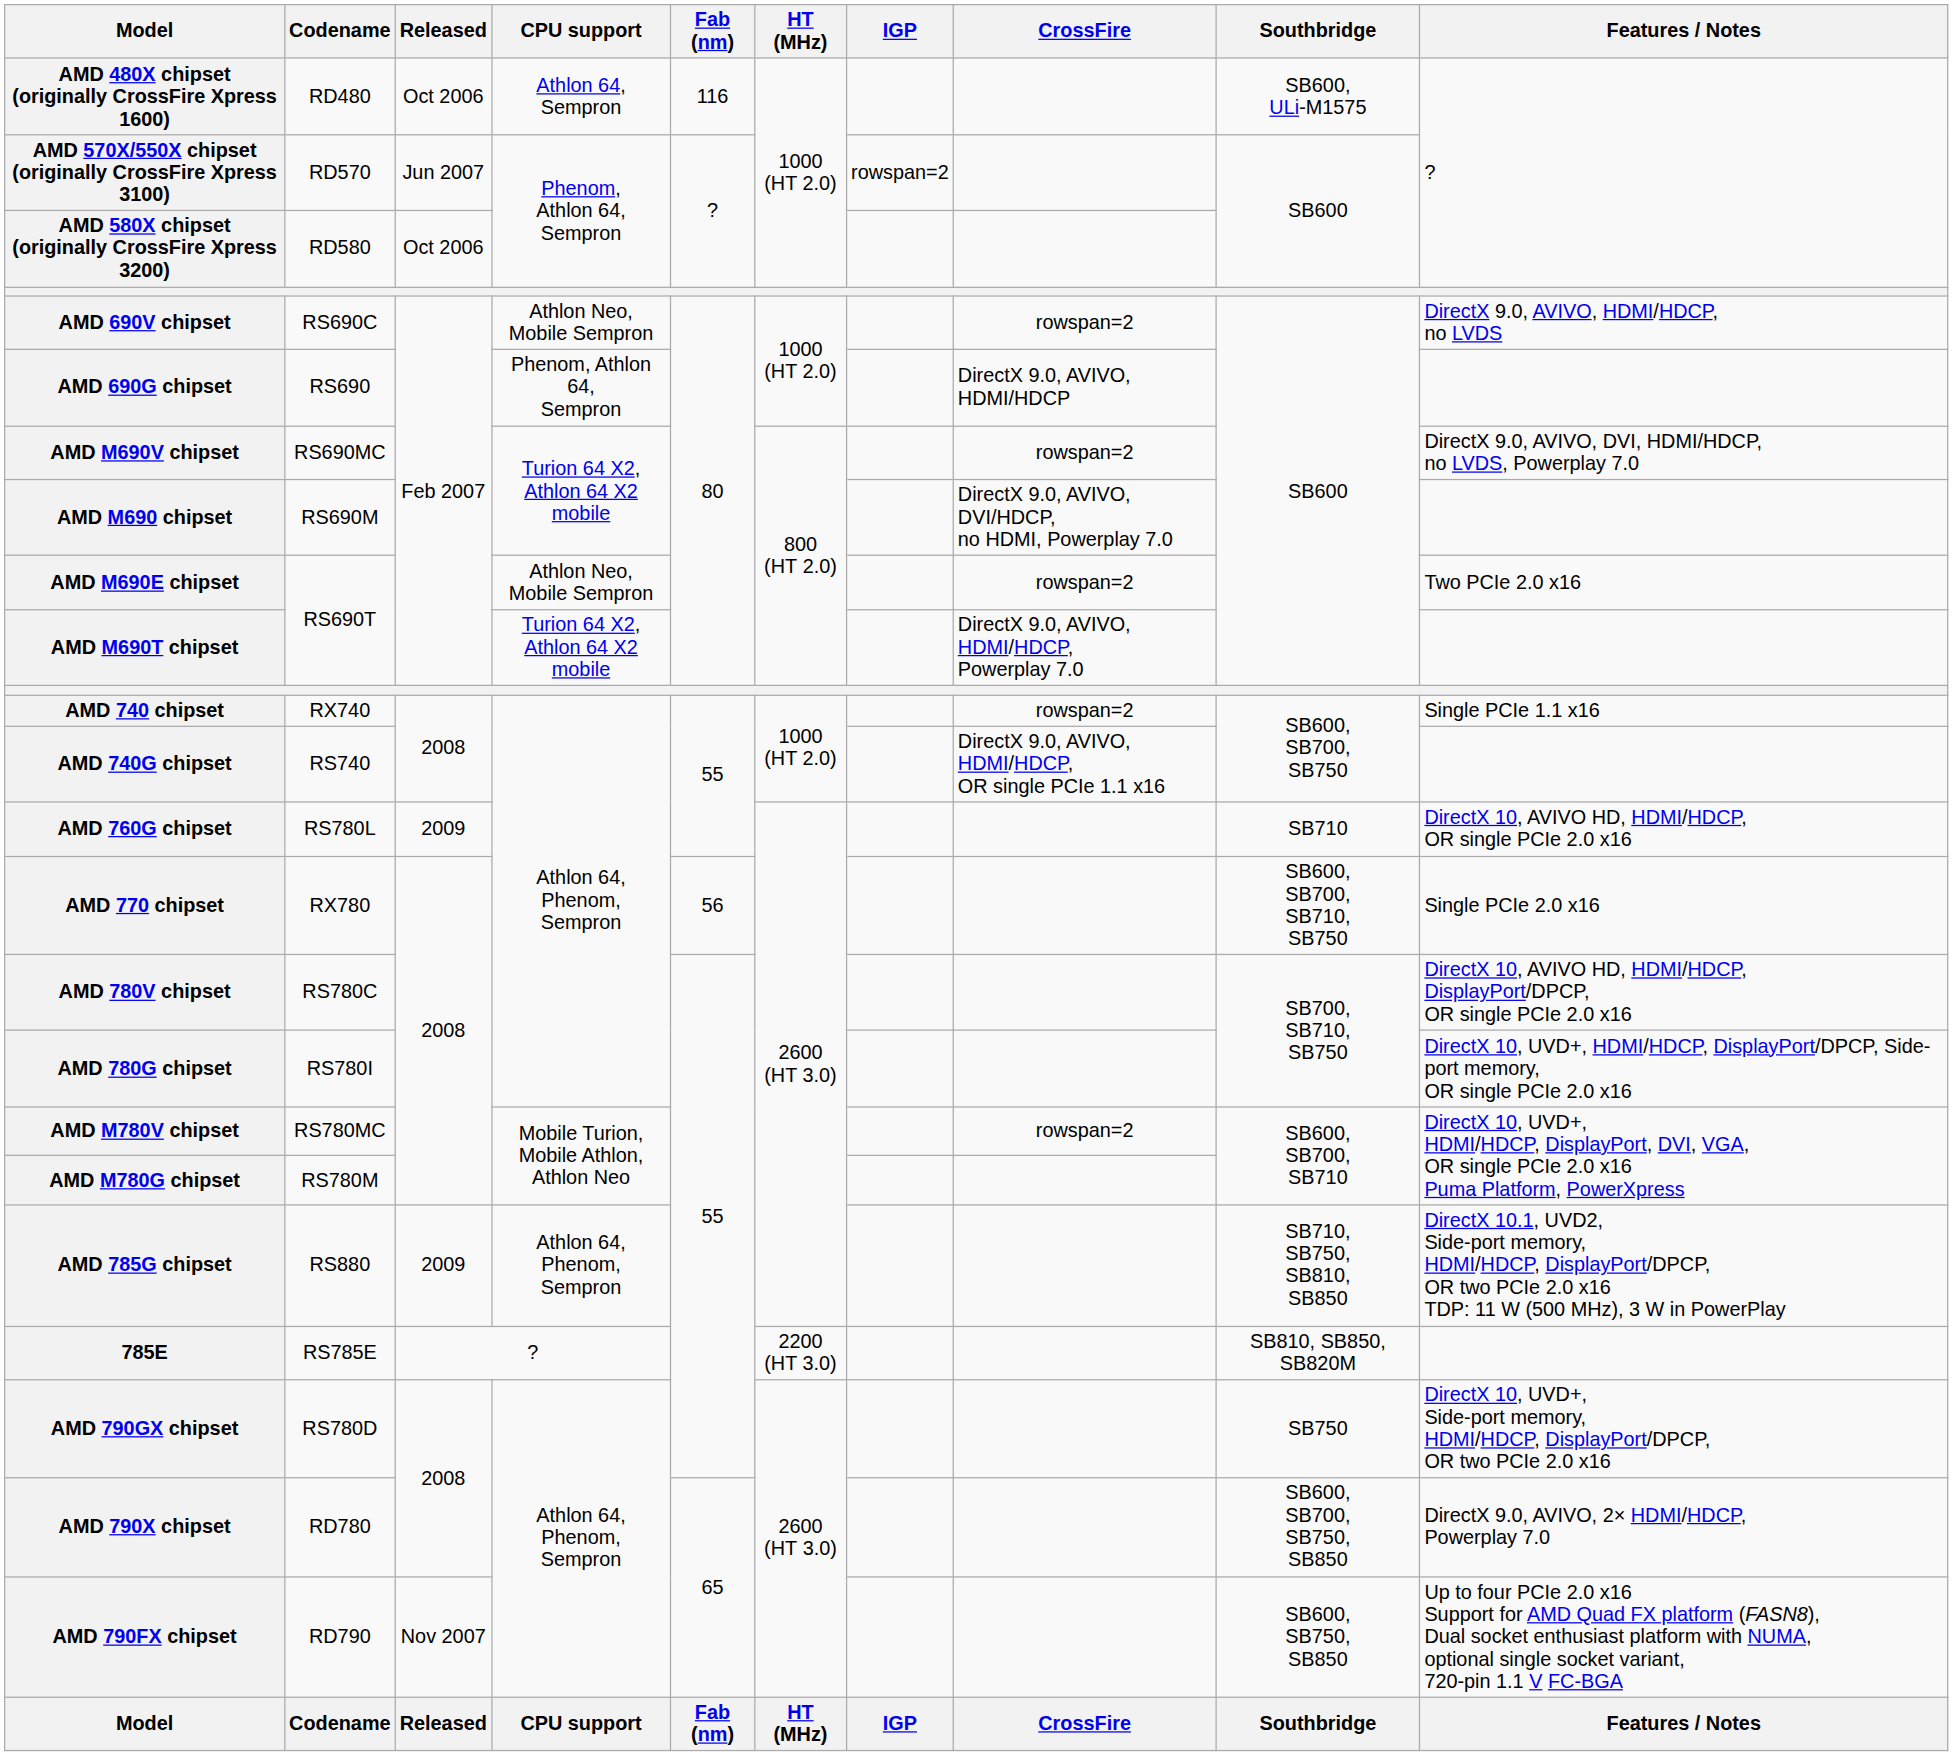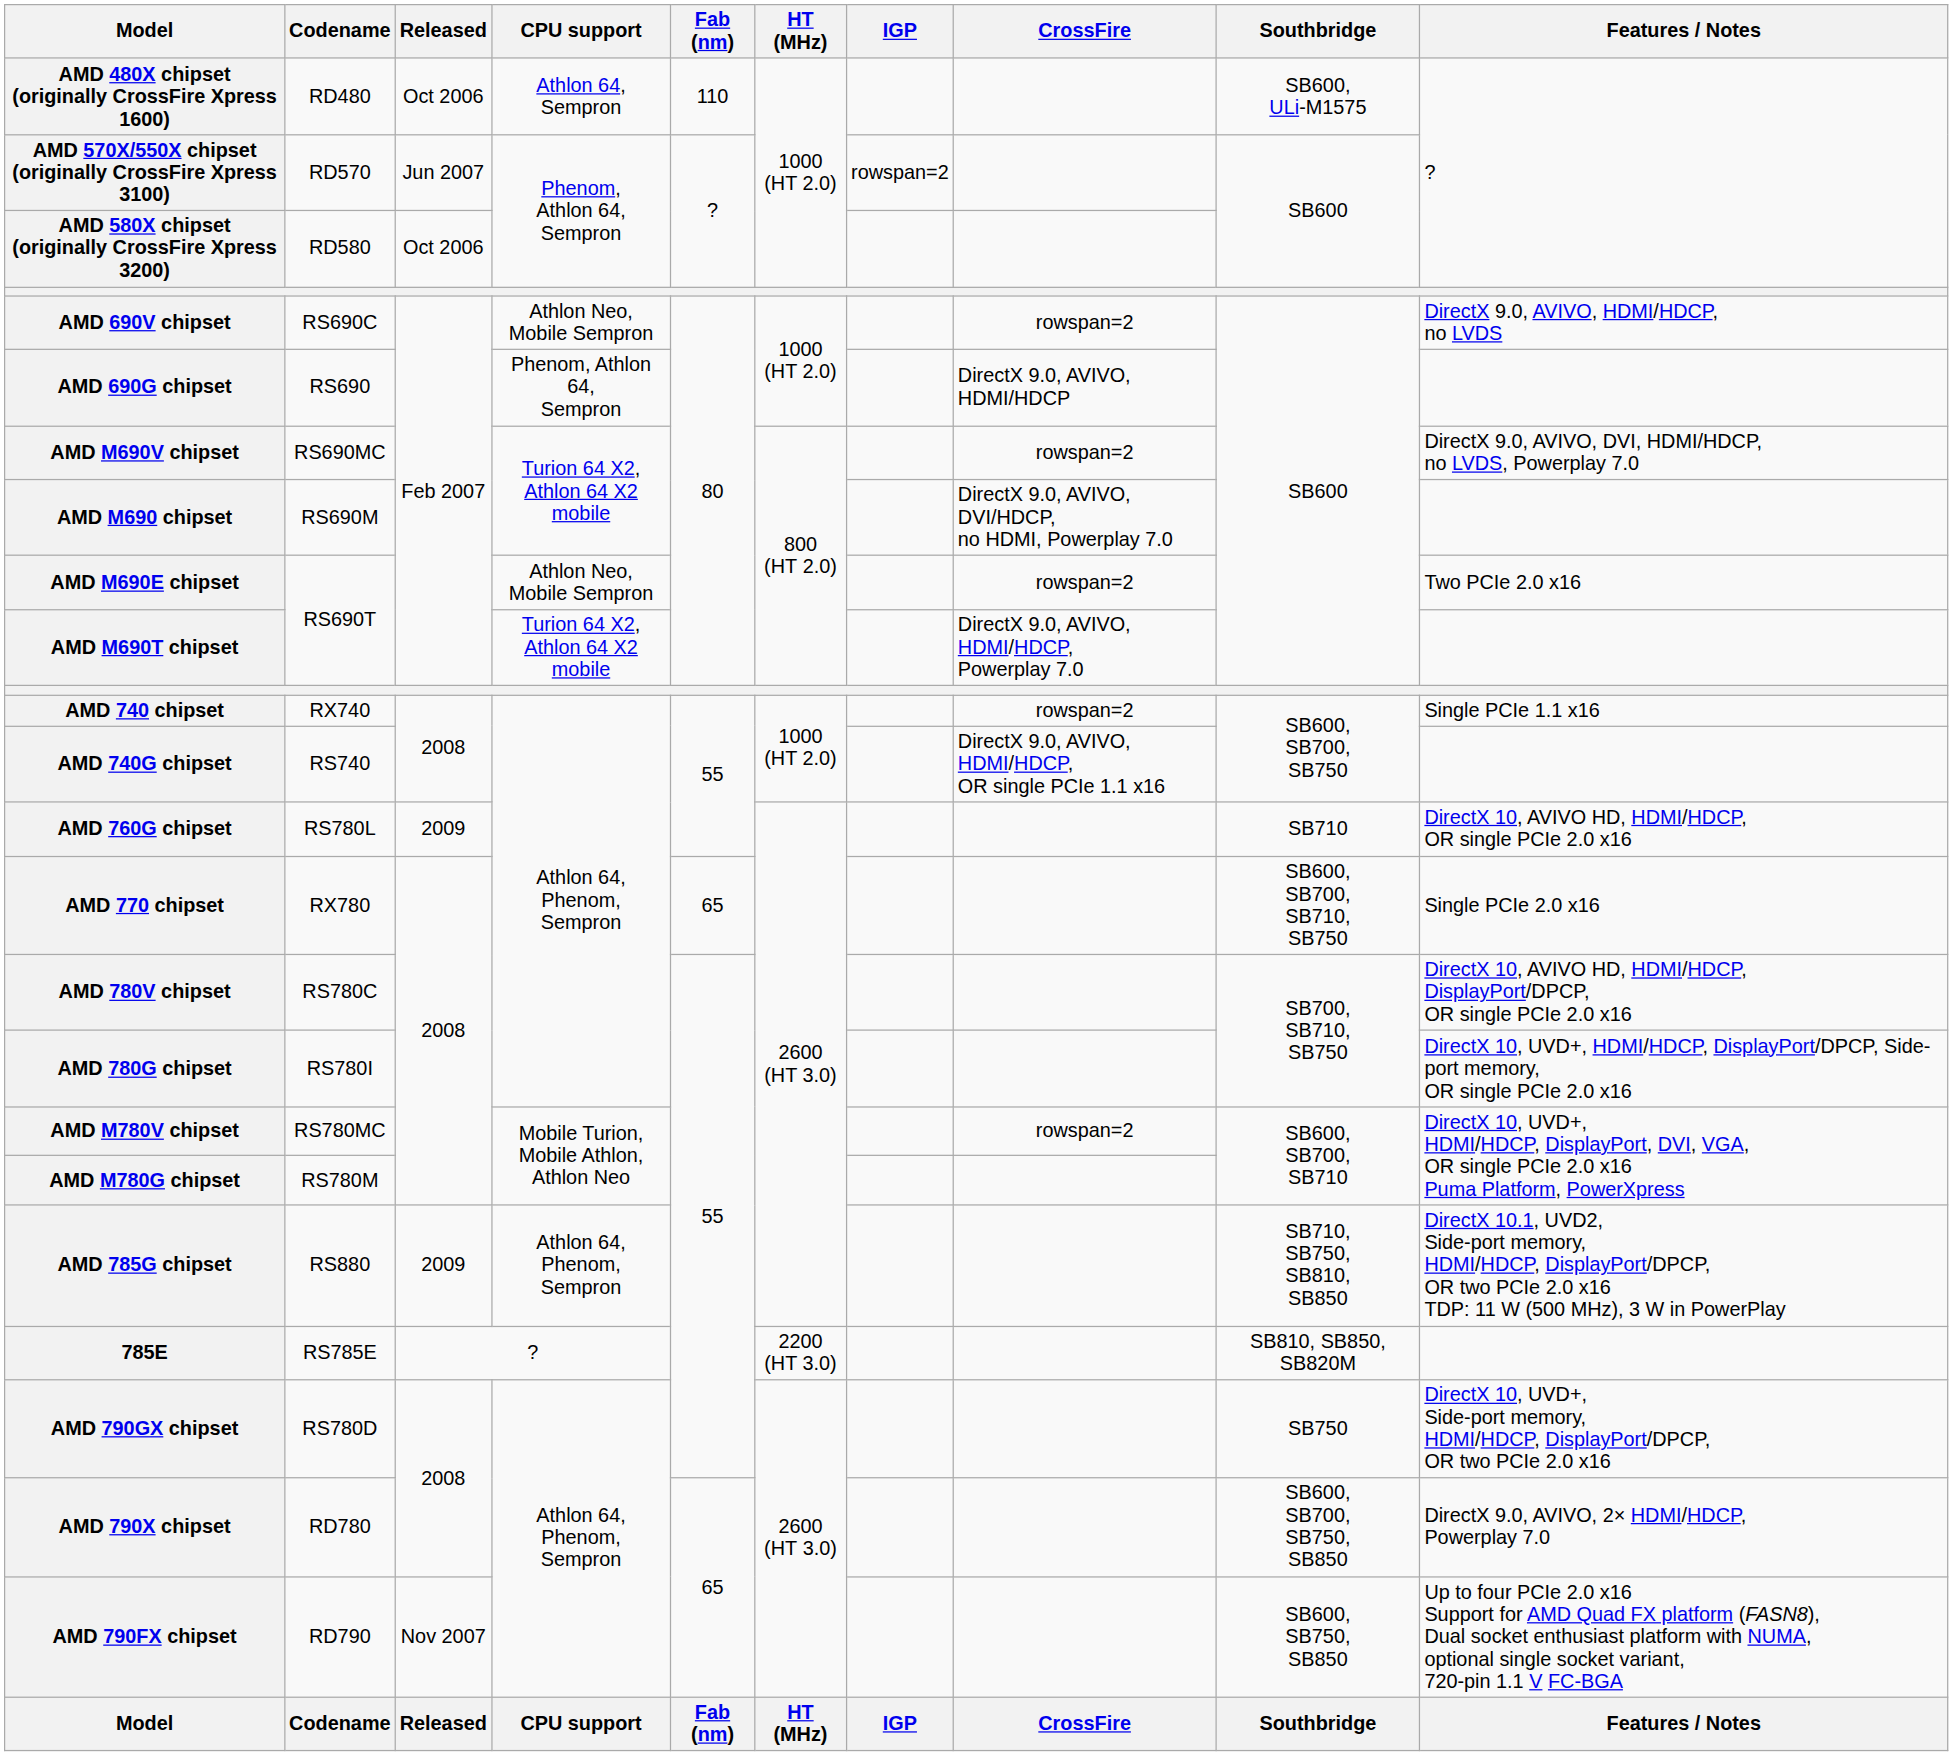 <table class="wikitable" style="text-align: center">
 <tr>
 <th>Model</th>
 <th>Codename</th>
 <th>Released</th>
 <th>CPU support</th>
 <th><a href='#'>Fab</a> (<a href='#'>nm</a>)</th>
 <th><a href='#'>HT</a> (MHz)</th>
 <th><a href='#'>IGP</a></th>
 <th><a href='#'>CrossFire</a></th>
 <th>Southbridge</th>
 <th>Features / Notes</th>
 </tr>
 <tr>
 <th>AMD <a href='#'>480X</a> chipset<br>(originally CrossFire Xpress 1600)</th>
 <td>RD480</td>
 <td>Oct 2006</td>
 <td><a href='#'>Athlon 64</a>,<br>Sempron</td>
-<td>116</td>
+<td>110</td>
 <td rowspan="3">1000<br>(HT 2.0)</td>
 <td></td>
 <td></td>
 <td>SB600,<br><a href='#'>ULi</a>-M1575</td>
 <td rowspan="3" align="left">?</td>
 </tr>
 <tr>
 <th>AMD <a href='#'>570X/550X</a> chipset<br>(originally CrossFire Xpress 3100)</th>
 <td>RD570</td>
 <td>Jun 2007</td>
 <td rowspan=2><a href='#'>Phenom</a>, Athlon 64,<br>Sempron</td>
 <td rowspan=2>?</td>
 <td>rowspan=2 </td>
 <td></td>
 <td rowspan=2>SB600</td>
 </tr>
 <tr>
 <th>AMD <a href='#'>580X</a> chipset<br>(originally CrossFire Xpress 3200)</th>
 <td>RD580</td>
 <td>Oct 2006</td>
 <td></td>
 </tr>
 <tr>
 <th colspan="10"></th>
 </tr>
 <tr>
 <th>AMD <a href='#'>690V</a> chipset</th>
 <td>RS690C</td>
 <td rowspan="6">Feb 2007</td>
 <td>Athlon Neo,<br>Mobile Sempron</td>
 <td rowspan="6">80</td>
 <td rowspan=2>1000<br>(HT 2.0)</td>
 <td></td>
 <td>rowspan=2 </td>
 <td rowspan="6">SB600</td>
 <td align="left"><a href='#'>DirectX</a> 9.0, <a href='#'>AVIVO</a>, <a href='#'>HDMI</a>/<a href='#'>HDCP</a>,<br>no <a href='#'>LVDS</a></td>
 </tr>
 <tr>
 <th>AMD <a href='#'>690G</a> chipset</th>
 <td>RS690</td>
 <td>Phenom, Athlon 64,<br> Sempron</td>
 <td></td>
 <td align="left">DirectX 9.0, AVIVO, HDMI/HDCP</td>
 </tr>
 <tr>
 <th>AMD <a href='#'>M690V</a> chipset</th>
 <td>RS690MC</td>
 <td rowspan=2><a href='#'>Turion 64 X2</a>,<br><a href='#'>Athlon 64 X2 mobile</a></td>
 <td rowspan="4">800<br>(HT 2.0)</td>
 <td></td>
 <td>rowspan=2 </td>
 <td align="left">DirectX 9.0, AVIVO, DVI, HDMI/HDCP,<br>no <a href='#'>LVDS</a>, Powerplay 7.0</td>
 </tr>
 <tr>
 <th>AMD <a href='#'>M690</a> chipset</th>
 <td>RS690M</td>
 <td></td>
 <td align="left">DirectX 9.0, AVIVO, DVI/HDCP,<br>no HDMI, Powerplay 7.0</td>
 </tr>
 <tr>
 <th>AMD <a href='#'>M690E</a> chipset</th>
 <td rowspan=2>RS690T</td>
 <td>Athlon Neo,<br>Mobile Sempron</td>
 <td></td>
 <td>rowspan=2 </td>
 <td align="left">Two PCIe 2.0 x16</td>
 </tr>
 <tr>
 <th>AMD <a href='#'>M690T</a> chipset</th>
 <td><a href='#'>Turion 64 X2</a>,<br><a href='#'>Athlon 64 X2 mobile</a></td>
 <td></td>
 <td align="left">DirectX 9.0, AVIVO, <a href='#'>HDMI</a>/<a href='#'>HDCP</a>,<br>Powerplay 7.0</td>
 </tr>
 <tr>
 <th colspan="10"></th>
 </tr>
 <tr>
 <th>AMD <a href='#'>740</a> chipset</th>
 <td>RX740</td>
 <td rowspan=2>2008</td>
 <td rowspan="6">Athlon 64,<br>Phenom,<br>Sempron</td>
 <td rowspan="3">55</td>
 <td rowspan=2>1000<br>(HT 2.0)</td>
 <td></td>
 <td>rowspan=2 </td>
 <td rowspan=2>SB600,<br>SB700,<br>SB750</td>
 <td align="left">Single PCIe 1.1 x16</td>
 </tr>
 <tr>
 <th>AMD <a href='#'>740G</a> chipset</th>
 <td>RS740</td>
 <td></td>
 <td align="left">DirectX 9.0, AVIVO, <a href='#'>HDMI</a>/<a href='#'>HDCP</a>,<br>OR single PCIe 1.1 x16</td>
 </tr>
 <tr>
 <th>AMD <a href='#'>760G</a> chipset</th>
 <td>RS780L</td>
 <td>2009</td>
 <td rowspan="7">2600<br>(HT 3.0)</td>
 <td></td>
 <td></td>
 <td>SB710</td>
 <td align="left"><a href='#'>DirectX 10</a>, AVIVO HD, <a href='#'>HDMI</a>/<a href='#'>HDCP</a>,<br>OR single PCIe 2.0 x16</td>
 </tr>
 <tr>
 <th>AMD <a href='#'>770</a> chipset</th>
 <td>RX780</td>
 <td rowspan="5">2008</td>
-<td>56</td>
+<td>65</td>
 <td></td>
 <td></td>
 <td>SB600,<br>SB700,<br>SB710,<br>SB750</td>
 <td align="left">Single PCIe 2.0 x16</td>
 </tr>
 <tr>
 <th>AMD <a href='#'>780V</a> chipset</th>
 <td>RS780C</td>
 <td rowspan="7">55</td>
 <td></td>
 <td></td>
 <td rowspan=2>SB700,<br>SB710,<br>SB750</td>
 <td align="left"><a href='#'>DirectX 10</a>, AVIVO HD, <a href='#'>HDMI</a>/<a href='#'>HDCP</a>,<br><a href='#'>DisplayPort</a>/DPCP,<br>OR single PCIe 2.0 x16</td>
 </tr>
 <tr>
 <th>AMD <a href='#'>780G</a> chipset</th>
 <td>RS780I</td>
 <td></td>
 <td></td>
 <td align="left"><a href='#'>DirectX 10</a>, UVD+, <a href='#'>HDMI</a>/<a href='#'>HDCP</a>, <a href='#'>DisplayPort</a>/DPCP, Side-port memory,<br>OR single PCIe 2.0 x16</td>
 </tr>
 <tr>
 <th>AMD <a href='#'>M780V</a> chipset</th>
 <td>RS780MC</td>
 <td rowspan=2>Mobile Turion,<br>Mobile Athlon,<br>Athlon Neo</td>
 <td></td>
 <td>rowspan=2 </td>
 <td rowspan=2>SB600,<br>SB700,<br>SB710</td>
 <td rowspan=2 align="left"><a href='#'>DirectX 10</a>, UVD+,<br><a href='#'>HDMI</a>/<a href='#'>HDCP</a>, <a href='#'>DisplayPort</a>, <a href='#'>DVI</a>, <a href='#'>VGA</a>,<br>OR single PCIe 2.0 x16<br><a href='#'>Puma Platform</a>, <a href='#'>PowerXpress</a></td>
 </tr>
 <tr>
 <th>AMD <a href='#'>M780G</a> chipset</th>
 <td>RS780M</td>
 <td></td>
 </tr>
 <tr>
 <th>AMD <a href='#'>785G</a> chipset</th>
 <td>RS880</td>
 <td>2009</td>
 <td>Athlon 64,<br>Phenom,<br>Sempron</td>
 <td></td>
 <td></td>
 <td>SB710,<br>SB750,<br>SB810,<br>SB850</td>
 <td align="left"><a href='#'>DirectX 10.1</a>, UVD2,<br>Side-port memory,<br><a href='#'>HDMI</a>/<a href='#'>HDCP</a>, <a href='#'>DisplayPort</a>/DPCP,<br>OR two PCIe 2.0 x16<br>TDP: 11 W (500 MHz), 3 W in PowerPlay</td>
 </tr>
 <tr>
 <th>785E</th>
 <td>RS785E</td>
 <td colspan="2">?</td>
 <td>2200<br>(HT 3.0)</td>
 <td></td>
 <td></td>
 <td>SB810, SB850, SB820M</td>
 <td></td>
 </tr>
 <tr>
 <th>AMD <a href='#'>790GX</a> chipset</th>
 <td>RS780D</td>
 <td rowspan="2">2008</td>
 <td rowspan="3">Athlon 64,<br>Phenom,<br>Sempron</td>
 <td rowspan="3">2600<br>(HT 3.0)</td>
 <td></td>
 <td></td>
 <td>SB750</td>
 <td align="left"><a href='#'>DirectX 10</a>, UVD+,<br>Side-port memory,<br><a href='#'>HDMI</a>/<a href='#'>HDCP</a>, <a href='#'>DisplayPort</a>/DPCP,<br>OR two PCIe 2.0 x16</td>
 </tr>
 <tr>
 <th>AMD <a href='#'>790X</a> chipset</th>
 <td>RD780</td>
 <td rowspan="2">65</td>
 <td></td>
 <td></td>
 <td>SB600,<br>SB700,<br>SB750,<br>SB850</td>
 <td align="left">DirectX 9.0, AVIVO, 2× <a href='#'>HDMI</a>/<a href='#'>HDCP</a>,<br>Powerplay 7.0</td>
 </tr>
 <tr>
 <th>AMD <a href='#'>790FX</a> chipset</th>
 <td>RD790</td>
 <td>Nov 2007</td>
 <td></td>
 <td></td>
 <td>SB600,<br>SB750,<br>SB850</td>
 <td align="left">Up to four PCIe 2.0 x16<br>Support for <a href='#'>AMD Quad FX platform</a> (<em>FASN8</em>),<br>Dual socket enthusiast platform with <a href='#'>NUMA</a>,<br>optional single socket variant,<br>720-pin 1.1 <a href='#'>V</a> <a href='#'>FC-BGA</a></td>
 </tr>
 <tr>
 <th>Model</th>
 <th>Codename</th>
 <th>Released</th>
 <th>CPU support</th>
 <th><a href='#'>Fab</a> (<a href='#'>nm</a>)</th>
 <th><a href='#'>HT</a> (MHz)</th>
 <th><a href='#'>IGP</a></th>
 <th><a href='#'>CrossFire</a></th>
 <th>Southbridge</th>
 <th>Features / Notes</th>
 </tr>
 </table>
